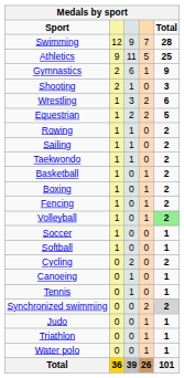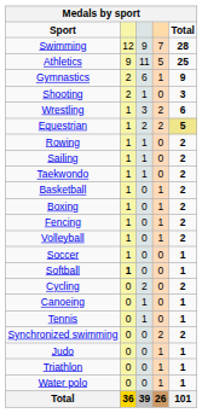 <table class=wikitable style="font-size:85%; float:right;text-align:center">
 <tr bgcolor=EFEFEF>
 <th colspan=7>Medals by sport</th>
 </tr>
 <tr>
 <td><strong>Sport</strong></td>
 <td bgcolor=F7F6A8></td>
 <td bgcolor=DCE5E5></td>
 <td bgcolor=FFDBA9></td>
 <td><strong>Total</strong></td>
 </tr>
 <tr>
 <td><a href='#'>Swimming</a></td>
 <td bgcolor=F7F6A8>12</td>
 <td bgcolor=DCE5E5>9</td>
 <td bgcolor=FFDAB9>7</td>
 <td><strong>28</strong></td>
 </tr>
 <tr>
 <td><a href='#'>Athletics</a></td>
 <td bgcolor=F7F6A8>9</td>
 <td bgcolor=DCE5E5>11</td>
 <td bgcolor=FFDAB9>5</td>
 <td><strong>25</strong></td>
 </tr>
 <tr>
 <td><a href='#'>Gymnastics</a></td>
 <td bgcolor=F7F6A8>2</td>
 <td bgcolor=DCE5E5>6</td>
 <td bgcolor=FFDAB9>1</td>
 <td><strong>9</strong></td>
 </tr>
 <tr>
 <td><a href='#'>Shooting</a></td>
 <td bgcolor=F7F6A8>2</td>
 <td bgcolor=DCE5E5>1</td>
 <td bgcolor=FFDAB9>0</td>
 <td><strong>3</strong></td>
 </tr>
 <tr>
 <td><a href='#'>Wrestling</a></td>
 <td bgcolor=F7F6A8>1</td>
 <td bgcolor=DCE5E5>3</td>
 <td bgcolor=FFDAB9>2</td>
 <td><strong>6</strong></td>
 </tr>
 <tr>
 <td><a href='#'>Equestrian</a></td>
 <td bgcolor=F7F6A8>1</td>
 <td bgcolor=DCE5E5>2</td>
 <td bgcolor=FFDAB9>2</td>
-<td><strong>5</strong></td>
+<td style="background: khaki;"><strong>5</strong></td>
 </tr>
 <tr>
 <td><a href='#'>Rowing</a></td>
 <td bgcolor=F7F6A8>1</td>
 <td bgcolor=DCE5E5>1</td>
 <td bgcolor=FFDAB9>0</td>
 <td><strong>2</strong></td>
 </tr>
 <tr>
 <td><a href='#'>Sailing</a></td>
 <td bgcolor=F7F6A8>1</td>
 <td bgcolor=DCE5E5>1</td>
 <td bgcolor=FFDAB9>0</td>
 <td><strong>2</strong></td>
 </tr>
 <tr>
 <td><a href='#'>Taekwondo</a></td>
 <td bgcolor=F7F6A8>1</td>
 <td bgcolor=DCE5E5>1</td>
 <td bgcolor=FFDAB9>0</td>
 <td><strong>2</strong></td>
 </tr>
 <tr>
 <td><a href='#'>Basketball</a></td>
 <td bgcolor=F7F6A8>1</td>
 <td bgcolor=DCE5E5>0</td>
 <td bgcolor=FFDAB9>1</td>
 <td><strong>2</strong></td>
 </tr>
 <tr>
 <td><a href='#'>Boxing</a></td>
 <td bgcolor=F7F6A8>1</td>
 <td bgcolor=DCE5E5>0</td>
 <td bgcolor=FFDAB9>1</td>
 <td><strong>2</strong></td>
 </tr>
 <tr>
 <td><a href='#'>Fencing</a></td>
 <td bgcolor=F7F6A8>1</td>
 <td bgcolor=DCE5E5>0</td>
 <td bgcolor=FFDAB9>1</td>
 <td><strong>2</strong></td>
 </tr>
 <tr>
 <td><a href='#'>Volleyball</a></td>
 <td bgcolor=F7F6A8>1</td>
 <td bgcolor=DCE5E5>0</td>
 <td bgcolor=FFDAB9>1</td>
-<td style="background: lightgreen;"><strong>2</strong></td>
+<td><strong>2</strong></td>
 </tr>
 <tr>
 <td><a href='#'>Soccer</a></td>
 <td bgcolor=F7F6A8>1</td>
 <td bgcolor=DCE5E5>0</td>
 <td bgcolor=FFDAB9>0</td>
 <td><strong>1</strong></td>
 </tr>
 <tr>
 <td><a href='#'>Softball</a></td>
-<td bgcolor=F7F6A8>1</td>
+<td bgcolor=F7F6A8><strong>1</strong></td>
 <td bgcolor=DCE5E5>0</td>
 <td bgcolor=FFDAB9>0</td>
 <td><strong>1</strong></td>
 </tr>
 <tr>
 <td><a href='#'>Cycling</a></td>
 <td bgcolor=F7F6A8>0</td>
 <td bgcolor=DCE5E5>2</td>
 <td bgcolor=FFDAB9>0</td>
 <td><strong>2</strong></td>
 </tr>
 <tr>
 <td><a href='#'>Canoeing</a></td>
 <td bgcolor=F7F6A8>0</td>
 <td bgcolor=DCE5E5>1</td>
 <td bgcolor=FFDAB9>0</td>
 <td><strong>1</strong></td>
 </tr>
 <tr>
 <td><a href='#'>Tennis</a></td>
 <td bgcolor=F7F6A8>0</td>
 <td bgcolor=DCE5E5>1</td>
 <td bgcolor=FFDAB9>0</td>
 <td><strong>1</strong></td>
 </tr>
 <tr>
 <td><a href='#'>Synchronized swimming</a></td>
 <td bgcolor=F7F6A8>0</td>
 <td bgcolor=DCE5E5>0</td>
 <td bgcolor=FFDAB9>2</td>
-<td style="background: lightgrey;"><strong>2</strong></td>
+<td><strong>2</strong></td>
 </tr>
 <tr>
 <td><a href='#'>Judo</a></td>
 <td bgcolor=F7F6A8>0</td>
 <td bgcolor=DCE5E5>0</td>
 <td bgcolor=FFDAB9>1</td>
 <td><strong>1</strong></td>
 </tr>
 <tr>
 <td><a href='#'>Triathlon</a></td>
 <td bgcolor=F7F6A8>0</td>
 <td bgcolor=DCE5E5>0</td>
 <td bgcolor=FFDAB9>1</td>
 <td><strong>1</strong></td>
 </tr>
 <tr>
 <td><a href='#'>Water polo</a></td>
 <td bgcolor=F7F6A8>0</td>
 <td bgcolor=DCE5E5>0</td>
 <td bgcolor=FFDAB9>1</td>
 <td><strong>1</strong></td>
 </tr>
 <tr>
 <th>Total</th>
 <th style=background:gold>36</th>
 <th style=background:silver>39</th>
 <th style=background:#c96>26</th>
 <th>101</th>
 </tr>
 </table>
